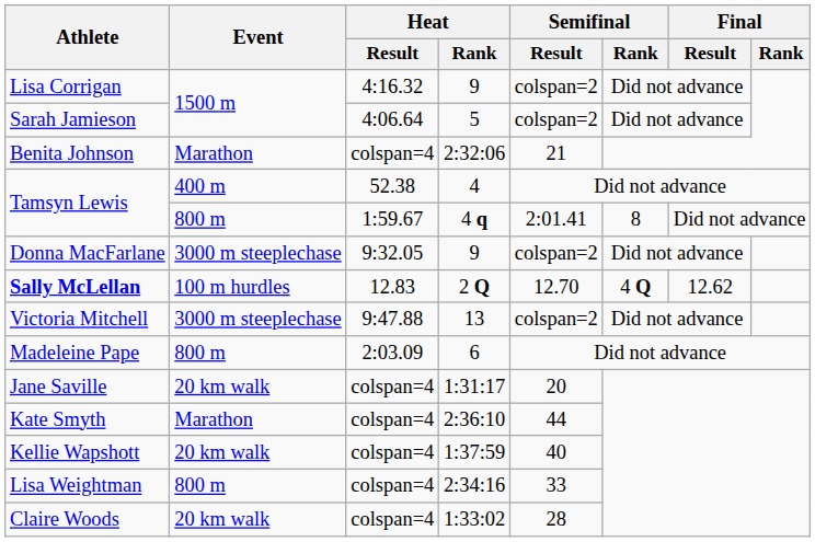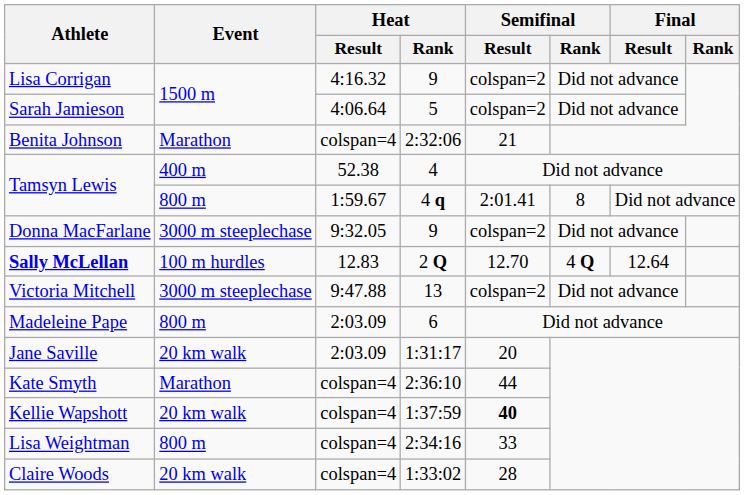 <table class=wikitable style="font-size:90%">
 <tr>
 <th rowspan="2">Athlete</th>
 <th rowspan="2">Event</th>
 <th colspan="2">Heat</th>
 <th colspan="2">Semifinal</th>
 <th colspan="2">Final</th>
 </tr>
 <tr style="font-size:95%">
 <th>Result</th>
 <th>Rank</th>
 <th>Result</th>
 <th>Rank</th>
 <th>Result</th>
 <th>Rank</th>
 </tr>
 <tr align=center>
 <td align=left><a href='#'>Lisa Corrigan</a></td>
 <td align=left rowspan=2><a href='#'>1500 m</a></td>
 <td>4:16.32</td>
 <td>9</td>
 <td>colspan=2 </td>
 <td colspan=2>Did not advance</td>
 </tr>
 <tr align=center>
 <td align=left><a href='#'>Sarah Jamieson</a></td>
 <td>4:06.64</td>
 <td>5</td>
 <td>colspan=2 </td>
 <td colspan=2>Did not advance</td>
 </tr>
 <tr align=center>
 <td align=left><a href='#'>Benita Johnson</a></td>
 <td align=left><a href='#'>Marathon</a></td>
 <td>colspan=4 </td>
 <td>2:32:06</td>
 <td>21</td>
 </tr>
 <tr align=center>
 <td align=left rowspan=2><a href='#'>Tamsyn Lewis</a></td>
 <td align=left><a href='#'>400 m</a></td>
 <td>52.38</td>
 <td>4</td>
 <td colspan=4>Did not advance</td>
 </tr>
 <tr align=center>
 <td align=left><a href='#'>800 m</a></td>
 <td>1:59.67</td>
 <td>4 <strong>q</strong></td>
 <td>2:01.41</td>
 <td>8</td>
 <td colspan=2>Did not advance</td>
 </tr>
 <tr align=center>
 <td align=left><a href='#'>Donna MacFarlane</a></td>
 <td align=left><a href='#'>3000 m steeplechase</a></td>
 <td>9:32.05</td>
 <td>9</td>
 <td>colspan=2 </td>
 <td colspan=2>Did not advance</td>
 </tr>
 <tr align=center>
 <td align=left><strong><a href='#'>Sally McLellan</a></strong></td>
 <td align=left><a href='#'>100 m hurdles</a></td>
 <td>12.83</td>
 <td>2 <strong>Q</strong></td>
 <td>12.70</td>
 <td>4 <strong>Q</strong></td>
-<td>12.62</td>
+<td>12.64</td>
 <td></td>
 </tr>
 <tr align=center>
 <td align=left><a href='#'>Victoria Mitchell</a></td>
 <td align=left><a href='#'>3000 m steeplechase</a></td>
 <td>9:47.88</td>
 <td>13</td>
 <td>colspan=2 </td>
 <td colspan=2>Did not advance</td>
 </tr>
 <tr align=center>
 <td align=left><a href='#'>Madeleine Pape</a></td>
 <td align=left><a href='#'>800 m</a></td>
 <td>2:03.09</td>
 <td>6</td>
 <td colspan=4>Did not advance</td>
 </tr>
 <tr align=center>
 <td align=left><a href='#'>Jane Saville</a></td>
 <td align=left><a href='#'>20 km walk</a></td>
-<td>colspan=4 </td>
+<td>2:03.09</td>
 <td>1:31:17</td>
 <td>20</td>
 </tr>
 <tr align=center>
 <td align=left><a href='#'>Kate Smyth</a></td>
 <td align=left><a href='#'>Marathon</a></td>
 <td>colspan=4 </td>
 <td>2:36:10</td>
 <td>44</td>
 </tr>
 <tr align=center>
 <td align=left><a href='#'>Kellie Wapshott</a></td>
 <td align=left><a href='#'>20 km walk</a></td>
 <td>colspan=4 </td>
 <td>1:37:59</td>
-<td>40</td>
+<td><strong>40</strong></td>
 </tr>
 <tr align=center>
 <td align=left><a href='#'>Lisa Weightman</a></td>
 <td align=left><a href='#'>800 m</a></td>
 <td>colspan=4 </td>
 <td>2:34:16</td>
 <td>33</td>
 </tr>
 <tr align=center>
 <td align=left><a href='#'>Claire Woods</a></td>
 <td align=left><a href='#'>20 km walk</a></td>
 <td>colspan=4 </td>
 <td>1:33:02</td>
 <td>28</td>
 </tr>
 </table>
